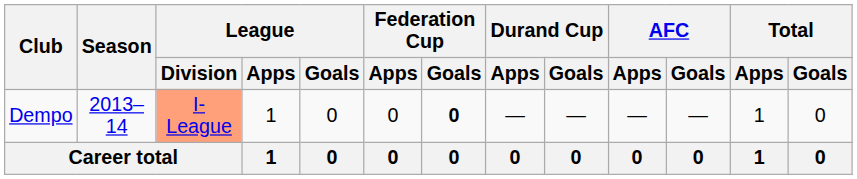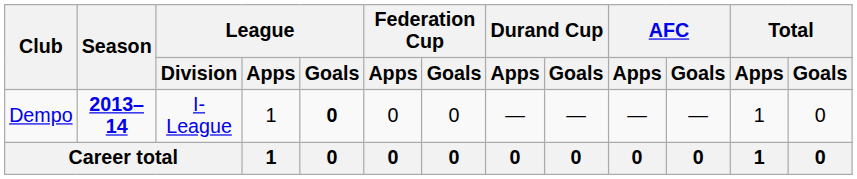 <table class="wikitable" style="text-align: center;">
 <tr>
 <th rowspan="2">Club</th>
 <th rowspan="2">Season</th>
 <th colspan="3">League</th>
 <th colspan="2">Federation Cup</th>
 <th colspan="2">Durand Cup</th>
 <th colspan="2"><a href='#'>AFC</a></th>
 <th colspan="2">Total</th>
 </tr>
 <tr>
 <th>Division</th>
 <th>Apps</th>
 <th>Goals</th>
 <th>Apps</th>
 <th>Goals</th>
 <th>Apps</th>
 <th>Goals</th>
 <th>Apps</th>
 <th>Goals</th>
 <th>Apps</th>
 <th>Goals</th>
 </tr>
 <tr>
 <td rowspan="1"><a href='#'>Dempo</a></td>
-<td><a href='#'>2013–14</a></td>
-<td style="background: lightsalmon;"><a href='#'>I-League</a></td>
+<td><strong><a href='#'>2013–14</a></strong></td>
+<td><a href='#'>I-League</a></td>
 <td>1</td>
+<td><strong>0</strong></td>
 <td>0</td>
 <td>0</td>
-<td><strong>0</strong></td>
 <td>—</td>
 <td>—</td>
 <td>—</td>
 <td>—</td>
 <td>1</td>
 <td>0</td>
 </tr>
 <tr>
 <th colspan="3">Career total</th>
 <th>1</th>
 <th>0</th>
 <th>0</th>
 <th>0</th>
 <th>0</th>
 <th>0</th>
 <th>0</th>
 <th>0</th>
 <th>1</th>
 <th>0</th>
 </tr>
 </table>
